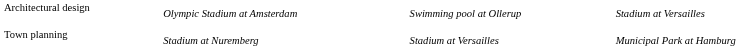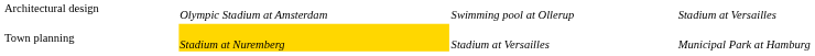 <table style="width:100%" >
 <tr>
 <td>Architectural design</td>
 <td><br><em>Olympic Stadium at Amsterdam</em></td>
 <td><br><em>Swimming pool at Ollerup</em></td>
 <td><br><em>Stadium at Versailles</em></td>
 </tr>
 <tr>
 <td>Town planning</td>
-<td><br><em>Stadium at Nuremberg</em></td>
+<td style="background: gold;"><br><em>Stadium at Nuremberg</em></td>
 <td><br><em>Stadium at Versailles</em></td>
 <td><br><em>Municipal Park at Hamburg</em></td>
 </tr>
 </table>
